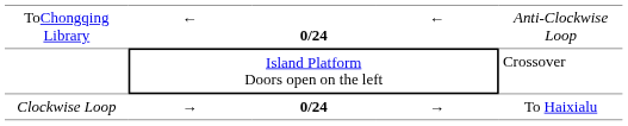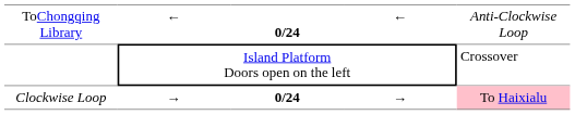 <table table border=0 cellspacing=0 cellpadding=4>
 <tr>
 <td style="border-top:solid 1px gray;" width=120 valign=top align=center>To<a href='#'>Chongqing Library</a></td>
 <td style="border-top:solid 1px gray;" width=120 valign=top align=center>←</td>
 <th style="border-top:solid 1px gray;" width=120 valign=top align=center><span><br>0/24</span></th>
 <td style="border-top:solid 1px gray;" width=120 valign=top align=center>←</td>
 <td style="border-top:solid 1px gray;" width=120 valign=top align=center><em>Anti-Clockwise Loop</em></td>
 </tr>
 <tr>
 <td style="border-top:solid 1px gray;border-bottom:solid 1px gray;" width=120 valign=top align=center></td>
 <td style="border-top:solid 2px black;border-right:solid 2px black;border-left:solid 2px black;border-bottom:solid 2px black;" colspan=3 align=center><a href='#'>Island Platform</a><br>Doors open on the left</td>
 <td style="border-top:solid 1px gray;border-bottom:solid 1px gray;" width=120 valign=top>Crossover</td>
 <td></td>
 </tr>
 <tr>
 <td style="border-bottom:solid 1px gray;" valign=top align=center><em>Clockwise Loop</em></td>
 <td style="border-bottom:solid 1px gray;" width=120 valign=top align=center>→</td>
 <th style="border-bottom:solid 1px gray;" colspan=1 valign=top align=center><span>0/24<br></span></th>
 <td style="border-bottom:solid 1px gray;" width=120 valign=top align=center>→</td>
-<td style="border-bottom:solid 1px gray;"  valign=top align=center>To  <a href='#'>Haixialu</a></td>
+<td style="background: pink; border-bottom:solid 1px gray;"  valign=top align=center>To  <a href='#'>Haixialu</a></td>
 </tr>
 </table>
